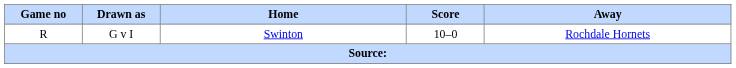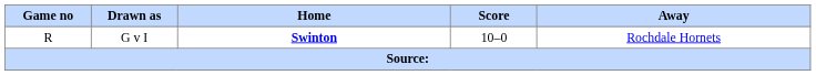 <table border=1 style="border-collapse:collapse; font-size:90%; text-align:center;" cellpadding=3 cellspacing=0 width=56%>
 <tr bgcolor=#C1D8FF>
 <th width=6%>Game no</th>
 <th width=6%>Drawn as</th>
 <th width=19%>Home</th>
 <th width=6%>Score</th>
 <th width=19%>Away</th>
 </tr>
 <tr>
 <td>R</td>
 <td>G v I</td>
-<td><a href='#'>Swinton</a></td>
+<td><strong><a href='#'>Swinton</a></strong></td>
 <td>10–0</td>
 <td><a href='#'>Rochdale Hornets</a></td>
 </tr>
 <tr style="background:#c1d8ff;">
 <th colspan=5>Source:</th>
 </tr>
 </table>
